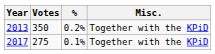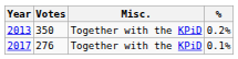 <table class="wikitable" style="display: inline-table;">
 <tr>
 <th>Year</th>
 <th>Votes</th>
+<th>Misc.</th>
 <th>%</th>
-<th>Misc.</th>
 </tr>
 <tr>
 <td><a href='#'>2013</a></td>
 <td>350</td>
+<td>Together with the <a href='#'>KPiD</a></td>
 <td>0.2%</td>
-<td>Together with the <a href='#'>KPiD</a></td>
 </tr>
 <tr>
 <td><a href='#'>2017</a></td>
-<td>275</td>
+<td>276</td>
+<td>Together with the <a href='#'>KPiD</a></td>
 <td>0.1%</td>
-<td>Together with the <a href='#'>KPiD</a></td>
 </tr>
 </table>
